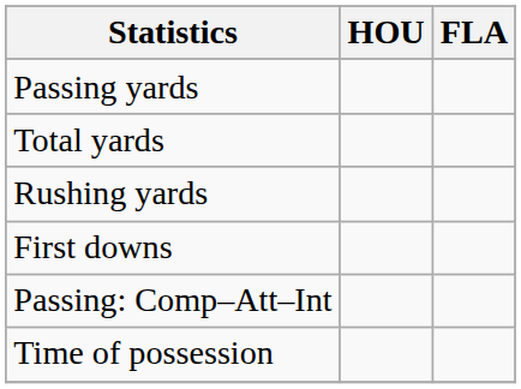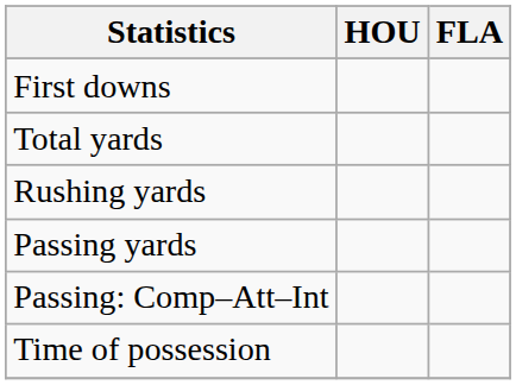 <table class="wikitable" style="float: left;">
 <tr>
 <th>Statistics</th>
 <th>HOU</th>
 <th>FLA</th>
 </tr>
 <tr>
-<td>Passing yards</td>
+<td>First downs</td>
 <td></td>
 <td></td>
 </tr>
 <tr>
 <td>Total yards</td>
 <td></td>
 <td></td>
 </tr>
 <tr>
 <td>Rushing yards</td>
 <td></td>
 <td></td>
 </tr>
 <tr>
-<td>First downs</td>
+<td>Passing yards</td>
 <td></td>
 <td></td>
 </tr>
 <tr>
 <td>Passing: Comp–Att–Int</td>
 <td></td>
 <td></td>
 </tr>
 <tr>
 <td>Time of possession</td>
 <td></td>
 <td></td>
 </tr>
 <tr>
 </tr>
 </table>
